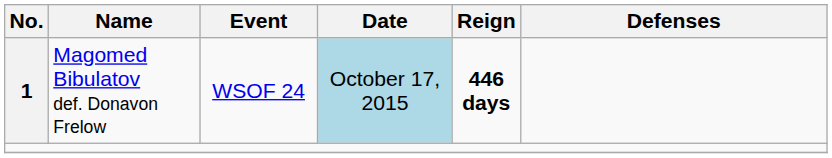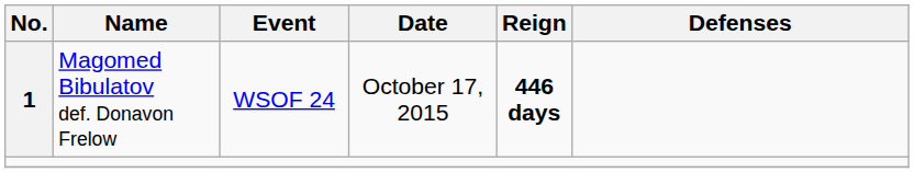 <table class="wikitable" width=100%>
 <tr>
 <th width=1%>No.</th>
 <th width=19%>Name</th>
 <th width=15%>Event</th>
 <th width=17%>Date</th>
 <th width=8%>Reign</th>
 <th width=40%>Defenses</th>
 </tr>
 <tr>
 <th>1</th>
 <td> <a href='#'>Magomed Bibulatov</a><br><small>def. Donavon Frelow</small></td>
 <td align=center><a href='#'>WSOF 24</a><br></td>
-<td align=center style="background: lightblue;">October 17, 2015</td>
+<td align=center>October 17, 2015</td>
 <td align=center><strong>446 days</strong></td>
 <td></td>
 </tr>
 <tr>
 <td align="center" colspan="6"></td>
 </tr>
 <tr>
 </tr>
 </table>
